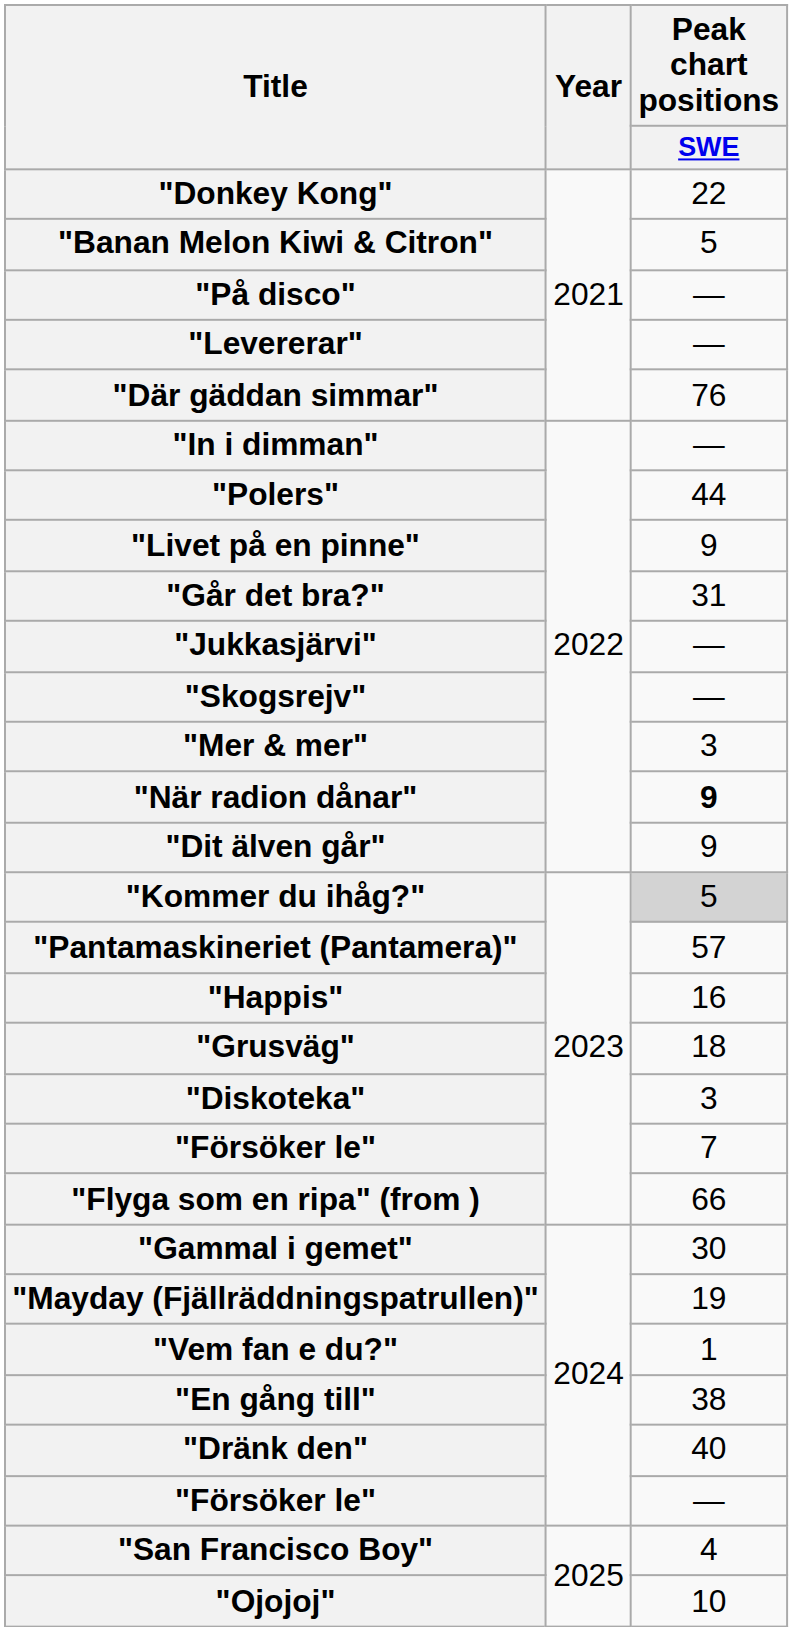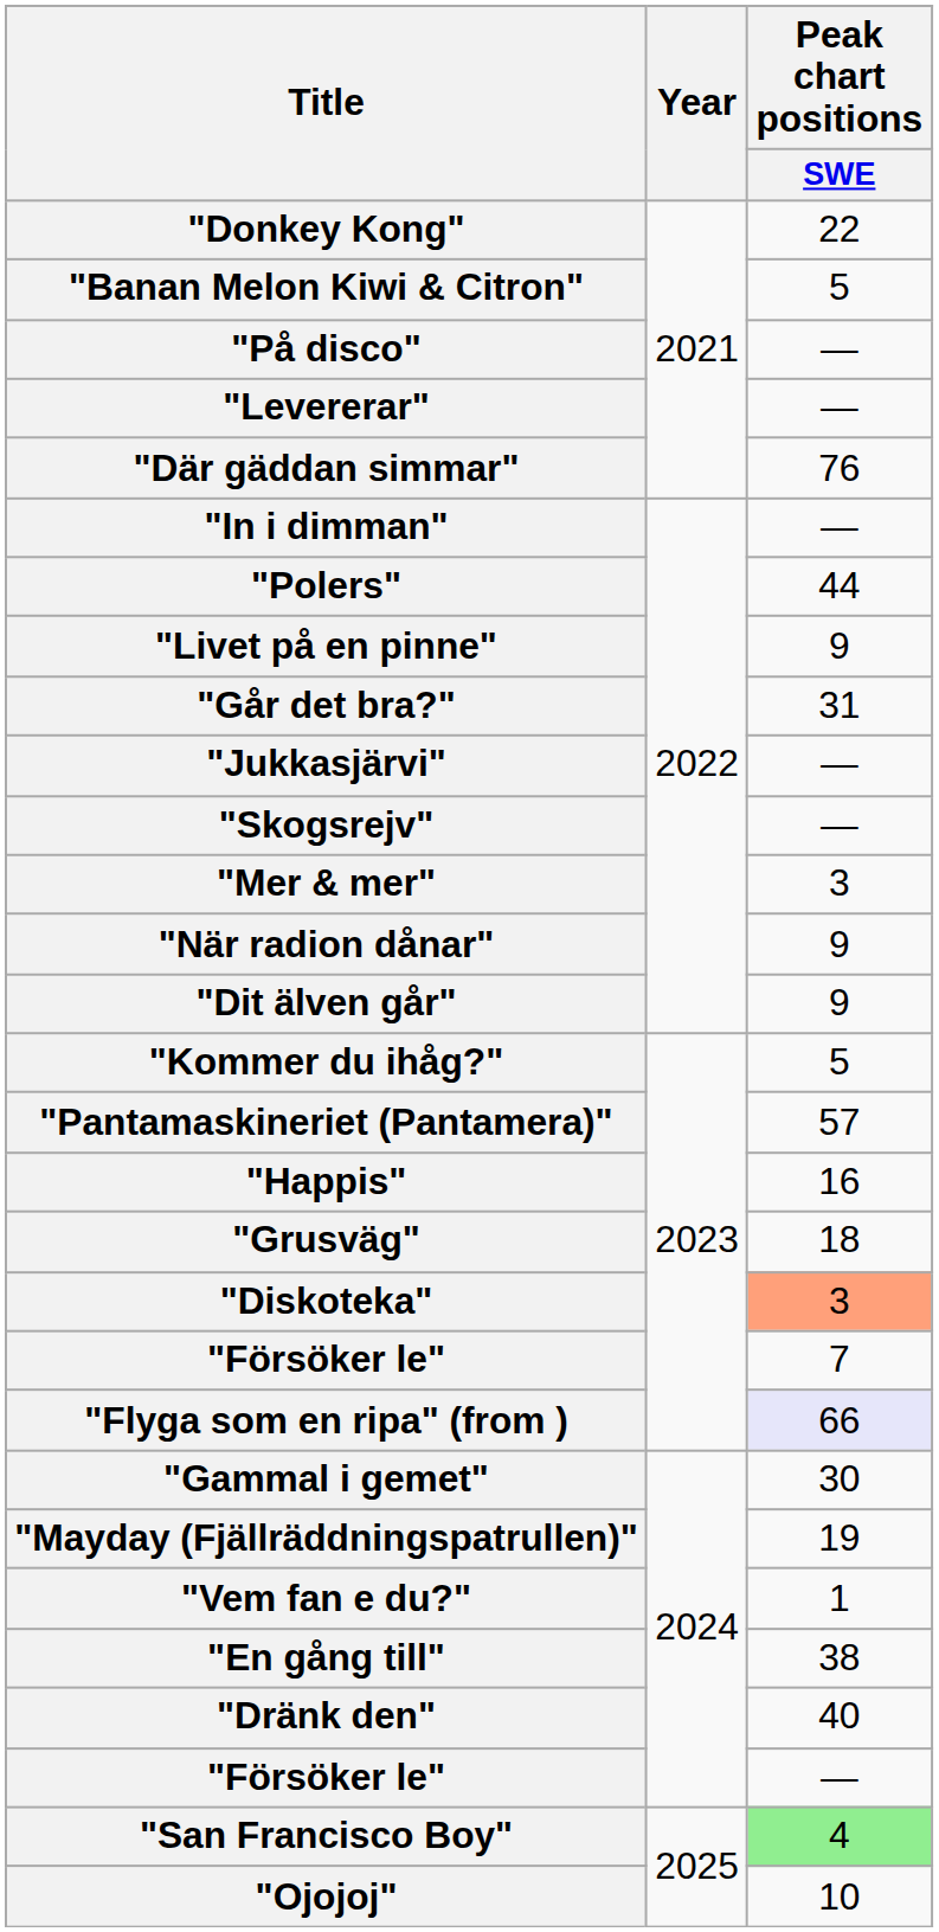 <table class="wikitable plainrowheaders" style="text-align:center;">
 <tr>
 <th scope="col" rowspan="2">Title</th>
 <th scope="col" rowspan="2">Year</th>
 <th scope="col" colspan="1">Peak chart positions</th>
 </tr>
 <tr>
 <th scope="col" style="width:3em;font-size:85%;"><a href='#'>SWE</a><br></th>
 </tr>
 <tr>
 <th scope="row">"Donkey Kong"</th>
 <td rowspan="5">2021</td>
 <td>22</td>
 </tr>
 <tr>
 <th scope="row">"Banan Melon Kiwi & Citron"</th>
 <td>5</td>
 </tr>
 <tr>
 <th scope="row">"På disco"</th>
 <td>—</td>
 </tr>
 <tr>
 <th scope="row">"Levererar"</th>
 <td>—</td>
 </tr>
 <tr>
 <th scope="row">"Där gäddan simmar"</th>
 <td>76</td>
 </tr>
 <tr>
 <th scope="row">"In i dimman"</th>
 <td rowspan="9">2022</td>
 <td>—</td>
 </tr>
 <tr>
 <th scope="row">"Polers"</th>
 <td>44</td>
 </tr>
 <tr>
 <th scope="row">"Livet på en pinne"</th>
 <td>9</td>
 </tr>
 <tr>
 <th scope="row">"Går det bra?"</th>
 <td>31</td>
 </tr>
 <tr>
 <th scope="row">"Jukkasjärvi"</th>
 <td>—</td>
 </tr>
 <tr>
 <th scope="row">"Skogsrejv"</th>
 <td>—</td>
 </tr>
 <tr>
 <th scope="row">"Mer & mer"</th>
 <td>3</td>
 </tr>
 <tr>
 <th scope="row">"När radion dånar"</th>
-<td><strong>9</strong></td>
+<td>9</td>
 </tr>
 <tr>
 <th scope="row">"Dit älven går"</th>
 <td>9</td>
 </tr>
 <tr>
 <th scope="row">"Kommer du ihåg?"</th>
 <td rowspan="7">2023</td>
-<td style="background: lightgrey;">5</td>
+<td>5</td>
 </tr>
 <tr>
 <th scope="row">"Pantamaskineriet (Pantamera)"</th>
 <td>57</td>
 </tr>
 <tr>
 <th scope="row">"Happis"</th>
 <td>16</td>
 </tr>
 <tr>
 <th scope="row">"Grusväg"</th>
 <td>18</td>
 </tr>
 <tr>
 <th scope="row">"Diskoteka"</th>
-<td>3</td>
+<td style="background: lightsalmon;">3</td>
 </tr>
 <tr>
 <th scope="row">"Försöker le"</th>
 <td>7</td>
 </tr>
 <tr>
 <th scope="row">"Flyga som en ripa" (from )</th>
-<td>66</td>
+<td style="background: lavender;">66</td>
 </tr>
 <tr>
 <th scope="row">"Gammal i gemet"</th>
 <td rowspan="6">2024</td>
 <td>30</td>
 </tr>
 <tr>
 <th scope="row">"Mayday (Fjällräddningspatrullen)"</th>
 <td>19</td>
 </tr>
 <tr>
 <th scope="row">"Vem fan e du?"<br></th>
 <td>1<br></td>
 </tr>
 <tr>
 <th scope="row">"En gång till"</th>
 <td>38</td>
 </tr>
 <tr>
 <th scope="row">"Dränk den"</th>
 <td>40</td>
 </tr>
 <tr>
 <th scope="row">"Försöker le"<br></th>
 <td>—</td>
 </tr>
 <tr>
 <th scope="row">"San Francisco Boy"<br></th>
 <td rowspan="2">2025</td>
-<td>4<br></td>
+<td style="background: lightgreen;">4<br></td>
 </tr>
 <tr>
 <th scope="row">"Ojojoj"</th>
 <td>10<br></td>
 </tr>
 </table>
